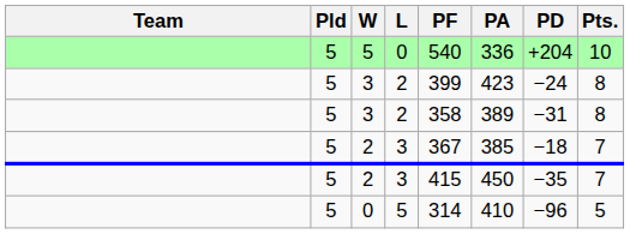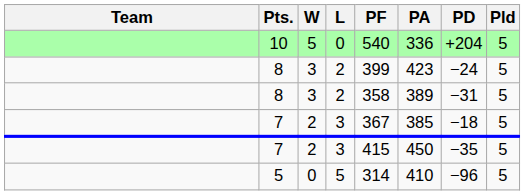 <table class=wikitable style="text-align:center">
 <tr>
 <th width=240>Team</th>
-<th width=20>Pld</th>
+<th width=30>Pts.</th>
 <th width=20>W</th>
 <th width=20>L</th>
 <th width=35>PF</th>
 <th width=35>PA</th>
 <th width=35>PD</th>
-<th width=30>Pts.</th>
+<th width=20>Pld</th>
 </tr>
 <tr bgcolor=#aaffaa>
 <td align=left><strong></strong></td>
-<td>5</td>
+<td>10</td>
 <td>5</td>
 <td>0</td>
 <td>540</td>
 <td>336</td>
 <td>+204</td>
-<td>10</td>
+<td>5</td>
 </tr>
 <tr>
 <td align=left></td>
-<td>5</td>
+<td>8</td>
 <td>3</td>
 <td>2</td>
 <td>399</td>
 <td>423</td>
 <td>−24</td>
-<td>8</td>
+<td>5</td>
 </tr>
 <tr>
 <td align=left></td>
-<td>5</td>
+<td>8</td>
 <td>3</td>
 <td>2</td>
 <td>358</td>
 <td>389</td>
 <td>−31</td>
-<td>8</td>
+<td>5</td>
 </tr>
 <tr style="border-bottom:3px solid blue;">
 <td align=left></td>
-<td>5</td>
+<td>7</td>
 <td>2</td>
 <td>3</td>
 <td>367</td>
 <td>385</td>
 <td>−18</td>
-<td>7</td>
+<td>5</td>
 </tr>
 <tr>
 <td align=left></td>
-<td>5</td>
+<td>7</td>
 <td>2</td>
 <td>3</td>
 <td>415</td>
 <td>450</td>
 <td>−35</td>
-<td>7</td>
+<td>5</td>
 </tr>
 <tr>
 <td align=left></td>
 <td>5</td>
 <td>0</td>
 <td>5</td>
 <td>314</td>
 <td>410</td>
 <td>−96</td>
 <td>5</td>
 </tr>
 </table>
